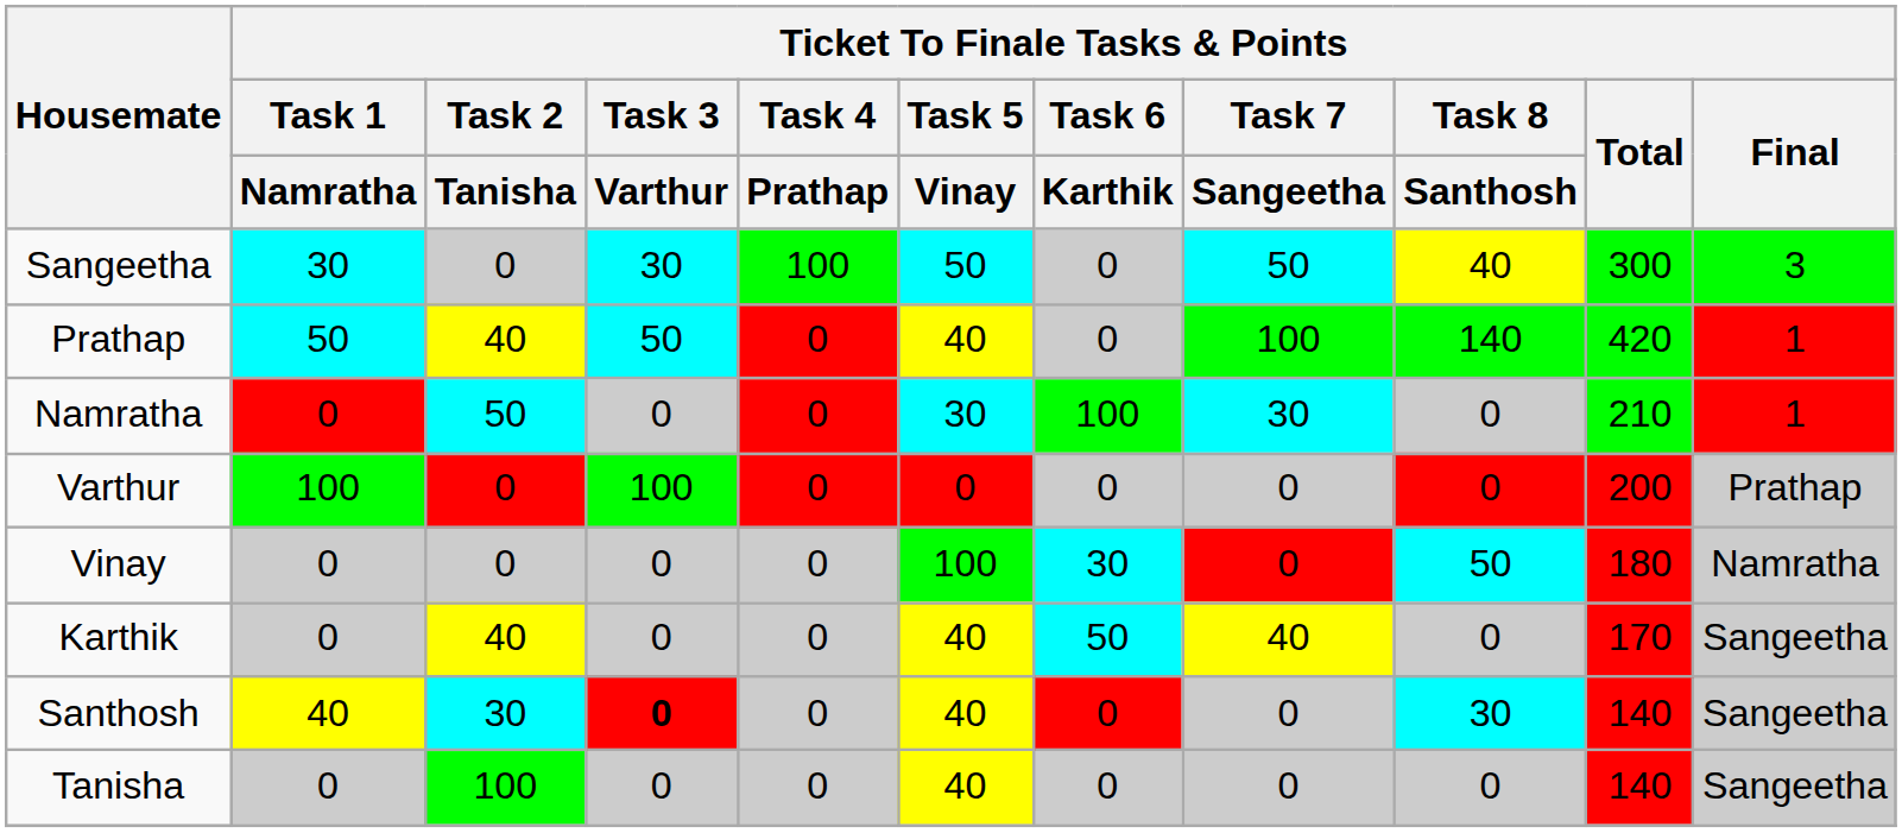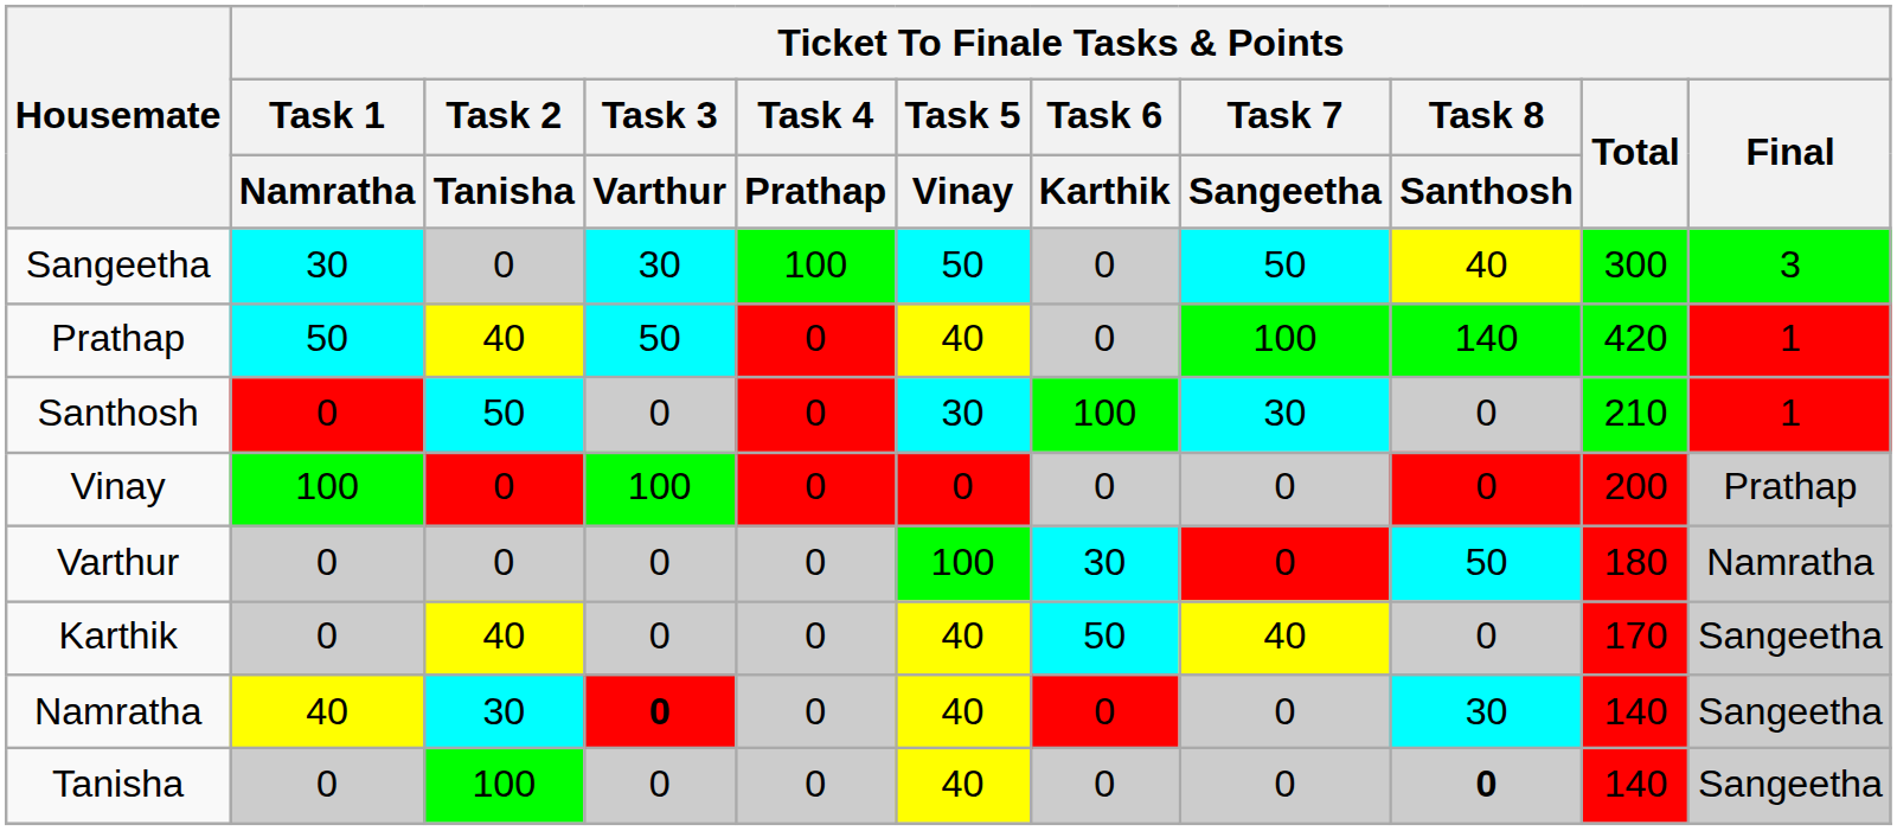 <table class="wikitable sortable" style=" text-align:center; font-size:85%;  line-height:20px; width:10;">
 <tr>
 <th rowspan="3"  scope="col">Housemate</th>
 <th colspan="10" scope="col">Ticket To Finale Tasks & Points</th>
 </tr>
 <tr>
 <th scope="col">Task 1</th>
 <th scope="col">Task 2</th>
 <th scope="col">Task 3</th>
 <th scope="col">Task 4</th>
 <th scope="col">Task 5</th>
 <th scope="col">Task 6</th>
 <th scope="col">Task 7</th>
 <th scope="col">Task 8</th>
 <th rowspan="2"   scope="col">Total</th>
 <th rowspan="2"   scope="col">Final</th>
 </tr>
 <tr>
 <th scope="col">Namratha</th>
 <th scope="col">Tanisha</th>
 <th scope="col">Varthur</th>
 <th scope="col">Prathap</th>
 <th scope="col">Vinay</th>
 <th scope="col">Karthik</th>
 <th scope="col">Sangeetha</th>
 <th scope="col">Santhosh</th>
 </tr>
 <tr>
 <td>Sangeetha</td>
 <td style="background:aqua;">30</td>
 <td style="background:#ccc ">0</td>
 <td style="background:aqua;">30</td>
 <td style="background:lime;">100</td>
 <td style="background:aqua;">50</td>
 <td style="background:#ccc ">0</td>
 <td style="background:aqua;">50</td>
 <td style="background:yellow;">40</td>
 <td style="background:lime;">300</td>
 <td style="background:lime;">3</td>
 </tr>
 <tr>
 <td>Prathap</td>
 <td style="background:aqua;">50</td>
 <td style="background:yellow;">40</td>
 <td style="background:aqua;">50</td>
 <td style="background:red;">0</td>
 <td style="background:yellow;">40</td>
 <td style="background:#ccc ">0</td>
 <td style="background:lime;">100</td>
 <td style="background:lime;">140</td>
 <td style="background:lime;">420</td>
 <td style="background:red;">1</td>
 </tr>
 <tr>
-<td>Namratha</td>
+<td>Santhosh</td>
 <td style="background:red;">0</td>
 <td style="background:aqua;">50</td>
 <td style="background:#ccc ">0</td>
 <td style="background:red;">0</td>
 <td style="background:aqua;">30</td>
 <td style="background:lime;">100</td>
 <td style="background:aqua;">30</td>
 <td style="background:#ccc ">0</td>
 <td style="background:lime;">210</td>
 <td style="background:red;">1</td>
 </tr>
 <tr>
-<td>Varthur</td>
+<td>Vinay</td>
 <td style="background:lime;">100</td>
 <td style="background:red;">0</td>
 <td style="background:lime;">100</td>
 <td style="background:red;">0</td>
 <td style="background:red;">0</td>
 <td style="background:#ccc ">0</td>
 <td style="background:#ccc ">0</td>
 <td style="background:red;">0</td>
 <td style="background:red;">200</td>
 <td style="background:#ccc ">Prathap</td>
 </tr>
 <tr>
-<td>Vinay</td>
+<td>Varthur</td>
 <td style="background:#ccc ">0</td>
 <td style="background:#ccc ">0</td>
 <td style="background:#ccc ">0</td>
 <td style="background:#ccc ">0</td>
 <td style="background:lime;">100</td>
 <td style="background:aqua;">30</td>
 <td style="background:red;">0</td>
 <td style="background:aqua;">50</td>
 <td style="background:red;">180</td>
 <td style="background:#ccc ">Namratha</td>
 </tr>
 <tr>
 <td>Karthik</td>
 <td style="background:#ccc ">0</td>
 <td style="background:yellow;">40</td>
 <td style="background:#ccc ">0</td>
 <td style="background:#ccc ">0</td>
 <td style="background:yellow;">40</td>
 <td style="background:aqua;">50</td>
 <td style="background:yellow;">40</td>
 <td style="background:#ccc ">0</td>
 <td style="background:red;">170</td>
 <td style="background:#ccc ">Sangeetha</td>
 </tr>
 <tr>
-<td>Santhosh</td>
+<td>Namratha</td>
 <td style="background:yellow;">40</td>
 <td style="background:aqua;">30</td>
 <td style="background:red;"><strong>0</strong></td>
 <td style="background:#ccc ">0</td>
 <td style="background:yellow;">40</td>
 <td style="background:red;">0</td>
 <td style="background:#ccc ">0</td>
 <td style="background:aqua;">30</td>
 <td style="background:red;">140</td>
 <td style="background:#ccc ">Sangeetha</td>
 </tr>
 <tr>
 <td>Tanisha</td>
 <td style="background:#ccc ">0</td>
 <td style="background:lime;">100</td>
 <td style="background:#ccc ">0</td>
 <td style="background:#ccc ">0</td>
 <td style="background:yellow;">40</td>
 <td style="background:#ccc ">0</td>
 <td style="background:#ccc ">0</td>
-<td style="background:#ccc ">0</td>
+<td style="background:#ccc "><strong>0</strong></td>
 <td style="background:red;">140</td>
 <td style="background:#ccc ">Sangeetha</td>
 </tr>
 <tr>
 </tr>
 </table>
